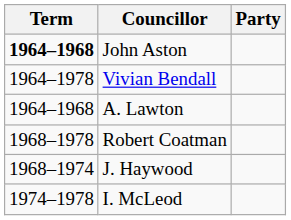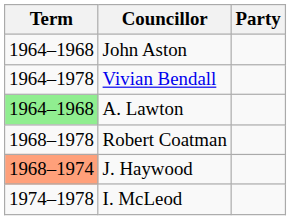 <table class="wikitable">
 <tr>
 <th>Term</th>
 <th>Councillor</th>
 <th colspan=2>Party</th>
 </tr>
 <tr>
-<td><strong>1964–1968</strong></td>
+<td>1964–1968</td>
 <td>John Aston</td>
 <td></td>
 </tr>
 <tr>
 <td>1964–1978</td>
 <td><a href='#'>Vivian Bendall</a></td>
 <td></td>
 </tr>
 <tr>
-<td>1964–1968</td>
+<td style="background: lightgreen;">1964–1968</td>
 <td>A. Lawton</td>
 <td></td>
 </tr>
 <tr>
 <td>1968–1978</td>
 <td>Robert Coatman</td>
 <td></td>
 </tr>
 <tr>
-<td>1968–1974</td>
+<td style="background: lightsalmon;">1968–1974</td>
 <td>J. Haywood</td>
 <td></td>
 </tr>
 <tr>
 <td>1974–1978</td>
 <td>I. McLeod</td>
 <td></td>
 </tr>
 </table>
